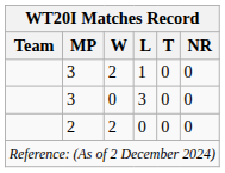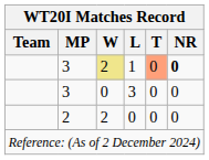 <table class="wikitable sortable">
 <tr>
 <th colspan="6">WT20I Matches Record</th>
 </tr>
 <tr>
 <th>Team</th>
 <th>MP</th>
 <th>W</th>
 <th>L</th>
 <th>T</th>
 <th>NR</th>
 </tr>
 <tr>
 <td></td>
 <td>3</td>
-<td>2</td>
+<td style="background: khaki;">2</td>
 <td>1</td>
-<td>0</td>
-<td>0</td>
+<td style="background: lightsalmon;">0</td>
+<td><strong>0</strong></td>
 </tr>
 <tr>
 <td></td>
 <td>3</td>
 <td>0</td>
 <td>3</td>
 <td>0</td>
 <td>0</td>
 </tr>
 <tr>
 <td></td>
 <td>2</td>
 <td>2</td>
 <td>0</td>
 <td>0</td>
 <td>0</td>
 </tr>
 <tr>
 <td colspan="6"><em><small>Reference:  (As of 2 December 2024)</small></em></td>
 </tr>
 </table>
